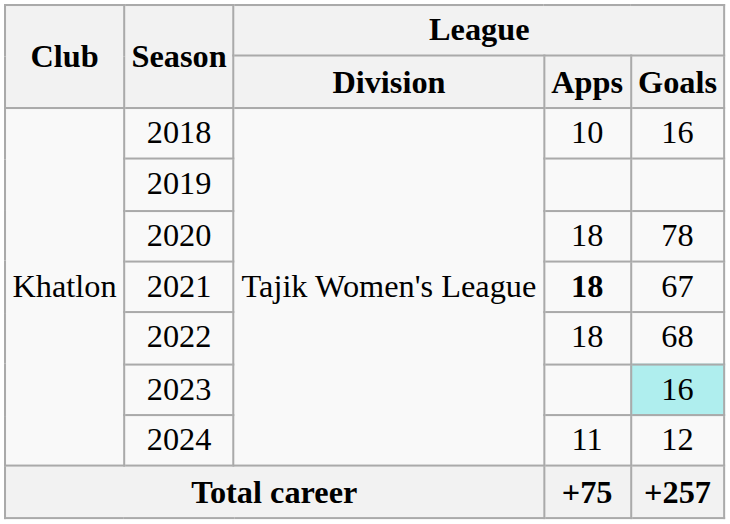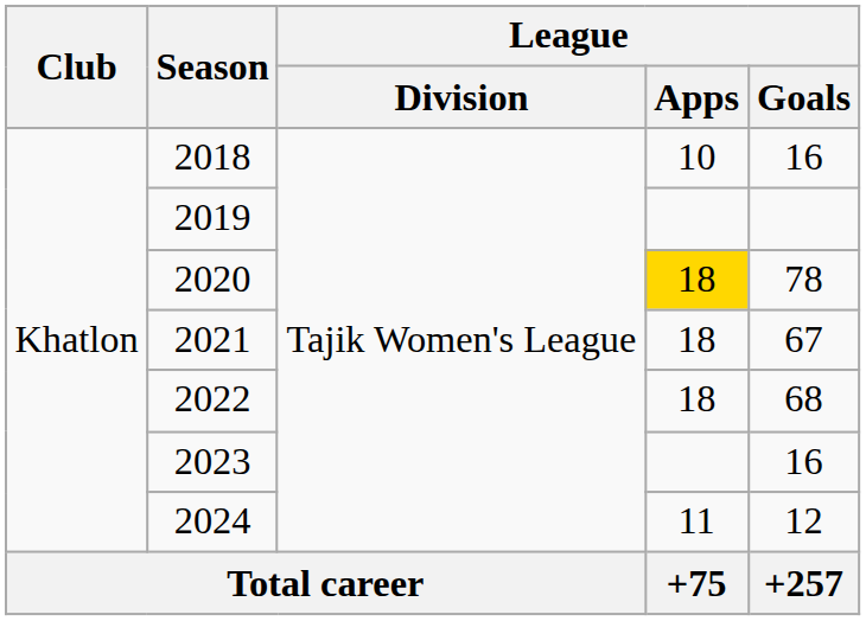 <table class=wikitable style="text-align:center;">
 <tr>
 <th rowspan=2>Club</th>
 <th rowspan=2>Season</th>
 <th colspan=3>League</th>
 </tr>
 <tr>
 <th>Division</th>
 <th>Apps</th>
 <th>Goals</th>
 </tr>
 <tr>
 <td rowspan=7>Khatlon</td>
 <td>2018</td>
 <td rowspan=7>Tajik Women's League</td>
 <td>10</td>
 <td>16</td>
 </tr>
 <tr>
 <td>2019</td>
 <td></td>
 <td></td>
 </tr>
 <tr>
 <td>2020</td>
-<td>18</td>
+<td style="background: gold;">18</td>
 <td>78</td>
 </tr>
 <tr>
 <td>2021</td>
-<td><strong>18</strong></td>
+<td>18</td>
 <td>67</td>
 </tr>
 <tr>
 <td>2022</td>
 <td>18</td>
 <td>68</td>
 </tr>
 <tr>
 <td>2023</td>
 <td></td>
-<td style="background: paleturquoise;">16</td>
+<td>16</td>
 </tr>
 <tr>
 <td>2024</td>
 <td>11</td>
 <td>12</td>
 </tr>
 <tr>
 <th colspan=3>Total career</th>
 <th>+75</th>
 <th>+257</th>
 </tr>
 </table>
